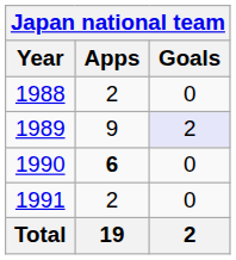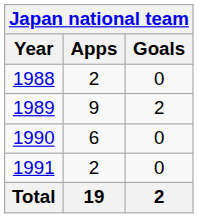 <table class="wikitable" style="text-align:center">
 <tr>
 <th colspan=3><a href='#'>Japan national team</a></th>
 </tr>
 <tr>
 <th>Year</th>
 <th>Apps</th>
 <th>Goals</th>
 </tr>
 <tr>
 <td><a href='#'>1988</a></td>
 <td>2</td>
 <td>0</td>
 </tr>
 <tr>
 <td><a href='#'>1989</a></td>
 <td>9</td>
-<td style="background: lavender;">2</td>
+<td>2</td>
 </tr>
 <tr>
 <td><a href='#'>1990</a></td>
-<td><strong>6</strong></td>
+<td>6</td>
 <td>0</td>
 </tr>
 <tr>
 <td><a href='#'>1991</a></td>
 <td>2</td>
 <td>0</td>
 </tr>
 <tr>
 <th>Total</th>
 <th>19</th>
 <th>2</th>
 </tr>
 </table>
